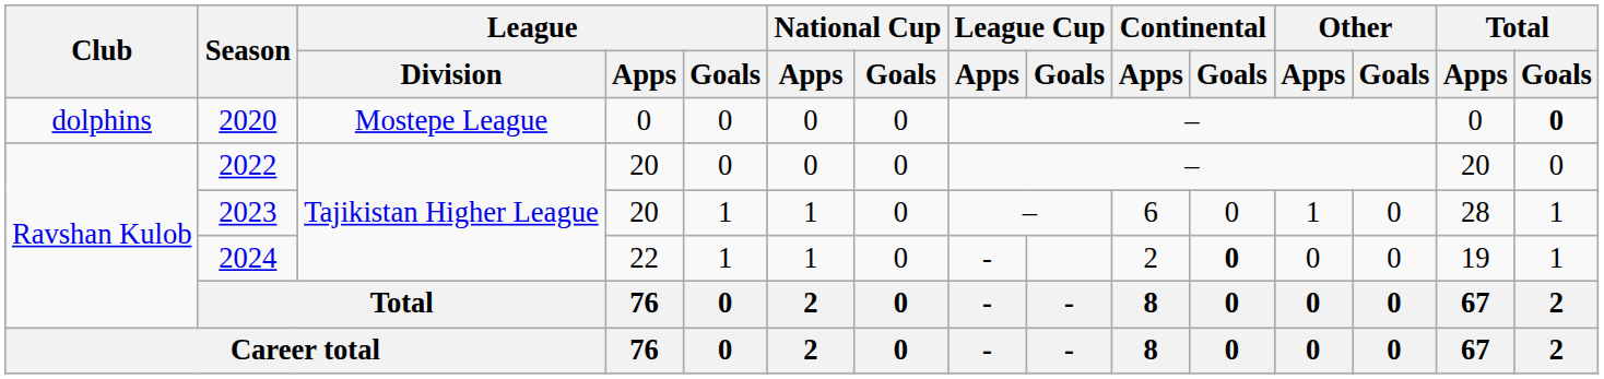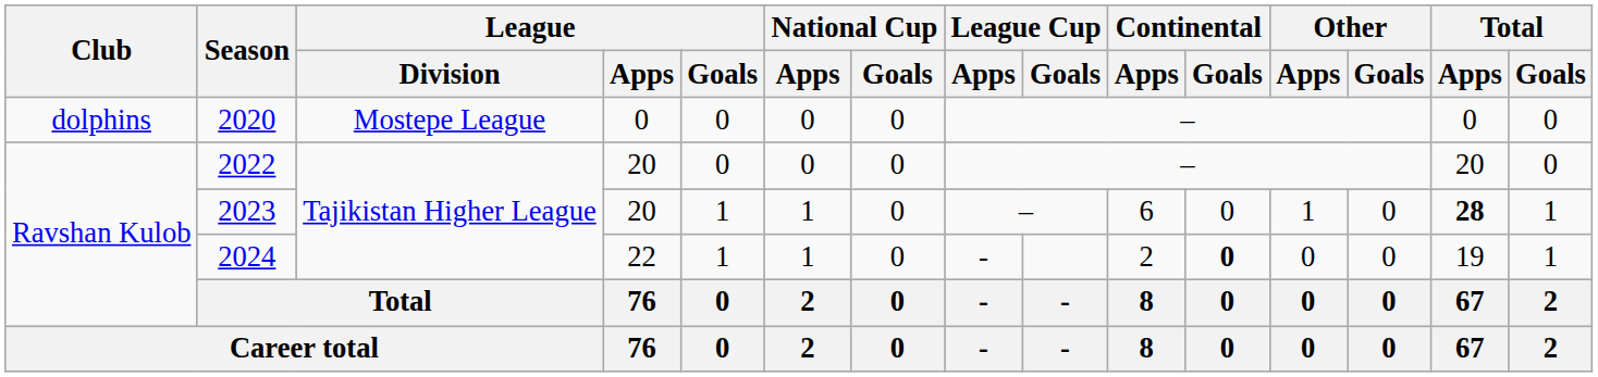 <table class="wikitable" style="text-align: center">
 <tr>
 <th rowspan="2">Club</th>
 <th rowspan="2">Season</th>
 <th colspan="3">League</th>
 <th colspan="2">National Cup</th>
 <th colspan="2">League Cup</th>
 <th colspan="2">Continental</th>
 <th colspan="2">Other</th>
 <th colspan="2">Total</th>
 </tr>
 <tr>
 <th>Division</th>
 <th>Apps</th>
 <th>Goals</th>
 <th>Apps</th>
 <th>Goals</th>
 <th>Apps</th>
 <th>Goals</th>
 <th>Apps</th>
 <th>Goals</th>
 <th>Apps</th>
 <th>Goals</th>
 <th>Apps</th>
 <th>Goals</th>
 </tr>
 <tr>
 <td><a href='#'>dolphins</a></td>
 <td><a href='#'>2020</a></td>
 <td><a href='#'>Mostepe League</a></td>
 <td>0</td>
 <td>0</td>
 <td>0</td>
 <td>0</td>
 <td colspan="6">–</td>
 <td>0</td>
-<td><strong>0</strong></td>
+<td>0</td>
 </tr>
 <tr>
 <td rowspan="4"><a href='#'>Ravshan Kulob</a></td>
 <td><a href='#'>2022</a></td>
 <td rowspan="3"><a href='#'>Tajikistan Higher League</a></td>
 <td>20</td>
 <td>0</td>
 <td>0</td>
 <td>0</td>
 <td colspan="6">–</td>
 <td>20</td>
 <td>0</td>
 </tr>
 <tr>
 <td><a href='#'>2023</a></td>
 <td>20</td>
 <td>1</td>
 <td>1</td>
 <td>0</td>
 <td colspan="2">–</td>
 <td>6</td>
 <td>0</td>
 <td>1</td>
 <td>0</td>
-<td>28</td>
+<td><strong>28</strong></td>
 <td>1</td>
 </tr>
 <tr>
 <td><a href='#'>2024</a></td>
 <td>22</td>
 <td>1</td>
 <td>1</td>
 <td>0</td>
 <td colspan=“2”>-</td>
 <td></td>
 <td>2</td>
 <td><strong>0</strong></td>
 <td>0</td>
 <td>0</td>
 <td 0>19</td>
 <td>1</td>
 </tr>
 <tr>
 <th colspan="2">Total</th>
 <th>76</th>
 <th>0</th>
 <th>2</th>
 <th>0</th>
 <th>-</th>
 <th>-</th>
 <th>8</th>
 <th>0</th>
 <th>0</th>
 <th>0</th>
 <th>67</th>
 <th>2</th>
 </tr>
 <tr>
 <th colspan="3">Career total</th>
 <th>76</th>
 <th>0</th>
 <th>2</th>
 <th>0</th>
 <th>-</th>
 <th>-</th>
 <th>8</th>
 <th>0</th>
 <th>0</th>
 <th>0</th>
 <th>67</th>
 <th>2</th>
 </tr>
 </table>
